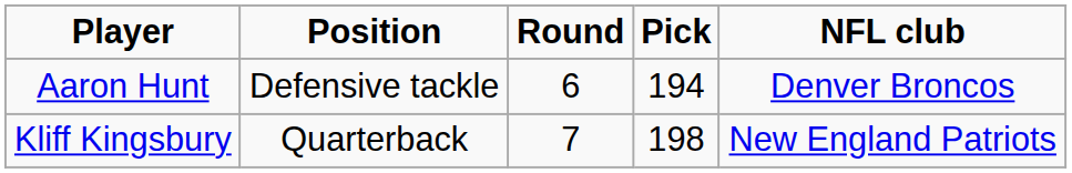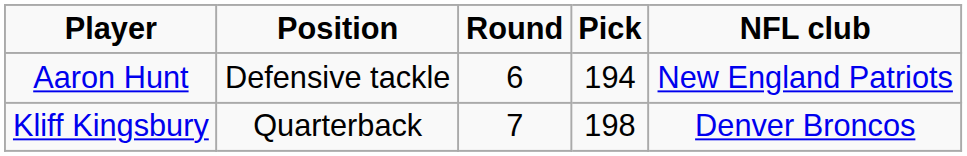 <table class="wikitable" width="80%">
 <tr align="center">
 <td><strong>Player</strong></td>
 <td><strong>Position</strong></td>
 <td><strong>Round</strong></td>
 <td><strong>Pick</strong></td>
 <td><strong>NFL club</strong></td>
 </tr>
 <tr align="center" bgcolor="">
 <td><a href='#'>Aaron Hunt</a></td>
 <td>Defensive tackle</td>
 <td>6</td>
 <td>194</td>
-<td><a href='#'>Denver Broncos</a></td>
+<td><a href='#'>New England Patriots</a></td>
 </tr>
 <tr align="center" bgcolor="">
 <td><a href='#'>Kliff Kingsbury</a></td>
 <td>Quarterback</td>
 <td>7</td>
 <td>198</td>
-<td><a href='#'>New England Patriots</a></td>
+<td><a href='#'>Denver Broncos</a></td>
 </tr>
 </table>
